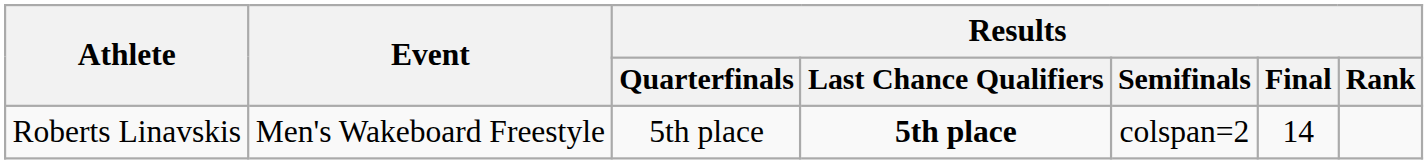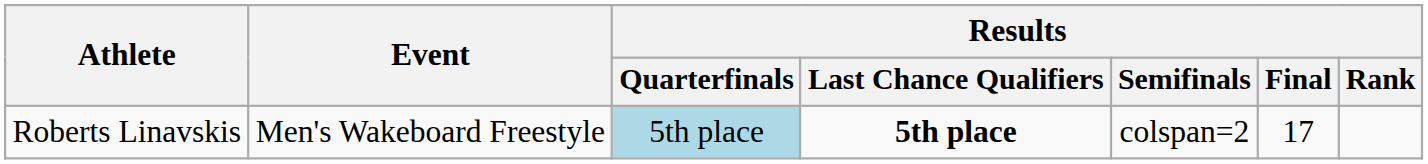 <table class="wikitable" style="font-size:90%;text-align:center">
 <tr>
 <th rowspan="2">Athlete</th>
 <th rowspan="2">Event</th>
 <th colspan="5">Results</th>
 </tr>
 <tr style="font-size:95%">
 <th>Quarterfinals</th>
 <th>Last Chance Qualifiers</th>
 <th>Semifinals</th>
 <th>Final</th>
 <th>Rank</th>
 </tr>
 <tr>
 <td align="left">Roberts Linavskis</td>
 <td align="left">Men's Wakeboard Freestyle</td>
-<td>5th place</td>
+<td style="background: lightblue;">5th place</td>
 <td><strong>5th place</strong></td>
 <td>colspan=2 </td>
-<td>14</td>
+<td>17</td>
 </tr>
 </table>
